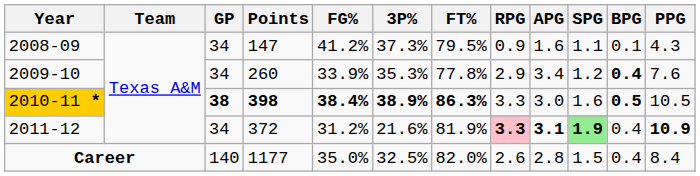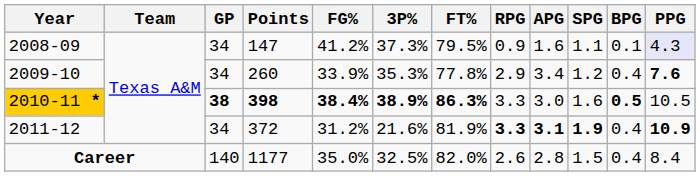 <table class="wikitable sortable">
 <tr>
 <th>Year</th>
 <th>Team</th>
 <th>GP</th>
 <th>Points</th>
 <th>FG%</th>
 <th>3P%</th>
 <th>FT%</th>
 <th>RPG</th>
 <th>APG</th>
 <th>SPG</th>
 <th>BPG</th>
 <th>PPG</th>
 </tr>
 <tr>
 <td>2008-09</td>
 <td rowspan=4><a href='#'>Texas A&M</a></td>
 <td>34</td>
 <td>147</td>
 <td>41.2%</td>
 <td>37.3%</td>
 <td>79.5%</td>
 <td>0.9</td>
 <td>1.6</td>
 <td>1.1</td>
 <td>0.1</td>
-<td>4.3</td>
+<td style="background: lavender;">4.3</td>
 </tr>
 <tr>
 <td>2009-10</td>
 <td>34</td>
 <td>260</td>
 <td>33.9%</td>
 <td>35.3%</td>
 <td>77.8%</td>
 <td>2.9</td>
 <td>3.4</td>
 <td>1.2</td>
-<td><strong>0.4</strong></td>
-<td>7.6</td>
+<td>0.4</td>
+<td><strong>7.6</strong></td>
 </tr>
 <tr>
 <td bgcolor=#ffcc00>2010-11 <strong>*</strong></td>
 <td><strong>38</strong></td>
 <td><strong>398</strong></td>
 <td><strong>38.4%</strong></td>
 <td><strong>38.9%</strong></td>
 <td><strong>86.3%</strong></td>
 <td>3.3</td>
 <td>3.0</td>
 <td>1.6</td>
 <td><strong>0.5</strong></td>
 <td>10.5</td>
 </tr>
 <tr>
 <td>2011-12</td>
 <td>34</td>
 <td>372</td>
 <td>31.2%</td>
 <td>21.6%</td>
 <td>81.9%</td>
-<td style="background: pink;"><strong>3.3</strong></td>
+<td><strong>3.3</strong></td>
 <td><strong>3.1</strong></td>
-<td style="background: lightgreen;"><strong>1.9</strong></td>
+<td><strong>1.9</strong></td>
 <td>0.4</td>
 <td><strong>10.9</strong></td>
 </tr>
 <tr class="sortbottom">
 <td colspan=2 align=center><strong>Career</strong></td>
 <td>140</td>
 <td>1177</td>
 <td>35.0%</td>
 <td>32.5%</td>
 <td>82.0%</td>
 <td>2.6</td>
 <td>2.8</td>
 <td>1.5</td>
 <td>0.4</td>
 <td>8.4</td>
 </tr>
 </table>
